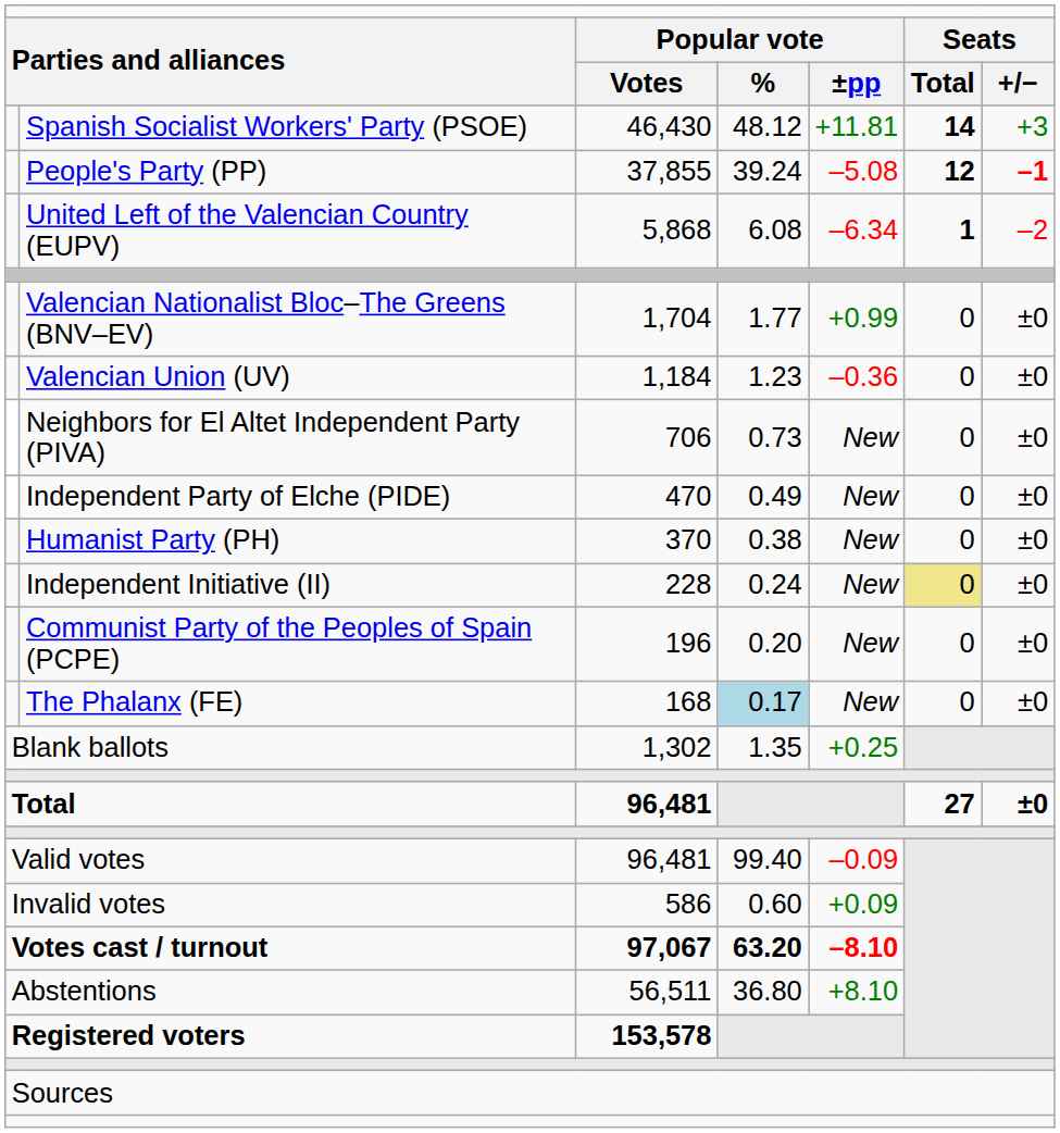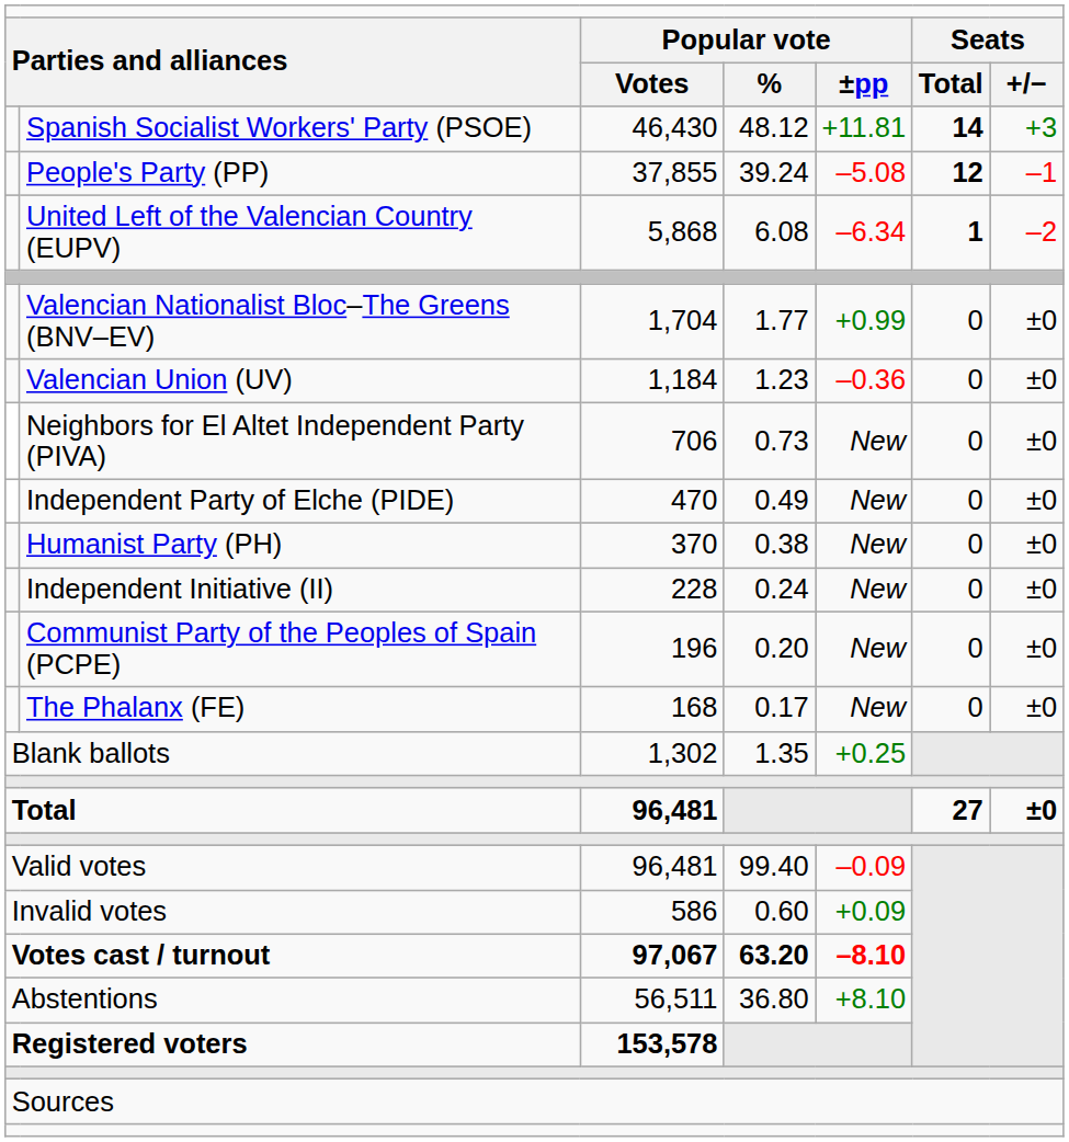 <table class="wikitable" style="text-align:right;">
 <tr>
 <td colspan="7"></td>
 </tr>
 <tr>
 <th style="text-align:left;" rowspan="2" colspan="2" width="525">Parties and alliances</th>
 <th colspan="3">Popular vote</th>
 <th colspan="2">Seats</th>
 </tr>
 <tr>
 <th width="75">Votes</th>
 <th width="45">%</th>
 <th width="45">±<a href='#'>pp</a></th>
 <th width="35">Total</th>
 <th width="35">+/−</th>
 </tr>
 <tr>
 <td width="1" style="color:inherit;background:"></td>
 <td align="left"><a href='#'>Spanish Socialist Workers' Party</a> (PSOE)</td>
 <td>46,430</td>
 <td>48.12</td>
 <td style="color:green;">+11.81</td>
 <td><strong>14</strong></td>
 <td style="color:green;">+3</td>
 </tr>
 <tr>
 <td style="color:inherit;background:"></td>
 <td align="left"><a href='#'>People's Party</a> (PP)</td>
 <td>37,855</td>
 <td>39.24</td>
 <td style="color:red;">–5.08</td>
 <td><strong>12</strong></td>
-<td style="color:red;"><strong>–1</strong></td>
+<td style="color:red;">–1</td>
 </tr>
 <tr>
 <td style="color:inherit;background:"></td>
 <td align="left"><a href='#'>United Left of the Valencian Country</a> (EUPV)</td>
 <td>5,868</td>
 <td>6.08</td>
 <td style="color:red;">–6.34</td>
 <td><strong>1</strong></td>
 <td style="color:red;">–2</td>
 </tr>
 <tr>
 <td colspan="7" bgcolor="#C0C0C0"></td>
 </tr>
 <tr>
 <td style="color:inherit;background:"></td>
 <td align="left"><a href='#'>Valencian Nationalist Bloc</a>–<a href='#'>The Greens</a> (BNV–EV)</td>
 <td>1,704</td>
 <td>1.77</td>
 <td style="color:green;">+0.99</td>
 <td>0</td>
 <td>±0</td>
 </tr>
 <tr>
 <td style="color:inherit;background:"></td>
 <td align="left"><a href='#'>Valencian Union</a> (UV)</td>
 <td>1,184</td>
 <td>1.23</td>
 <td style="color:red;">–0.36</td>
 <td>0</td>
 <td>±0</td>
 </tr>
 <tr>
 <td bgcolor="white"></td>
 <td align="left">Neighbors for El Altet Independent Party (PIVA)</td>
 <td>706</td>
 <td>0.73</td>
 <td><em>New</em></td>
 <td>0</td>
 <td>±0</td>
 </tr>
 <tr>
 <td bgcolor="white"></td>
 <td align="left">Independent Party of Elche (PIDE)</td>
 <td>470</td>
 <td>0.49</td>
 <td><em>New</em></td>
 <td>0</td>
 <td>±0</td>
 </tr>
 <tr>
 <td style="color:inherit;background:"></td>
 <td align="left"><a href='#'>Humanist Party</a> (PH)</td>
 <td>370</td>
 <td>0.38</td>
 <td><em>New</em></td>
 <td>0</td>
 <td>±0</td>
 </tr>
 <tr>
 <td style="color:inherit;background:"></td>
 <td align="left">Independent Initiative (II)</td>
 <td>228</td>
 <td>0.24</td>
 <td><em>New</em></td>
-<td style="background: khaki;">0</td>
+<td>0</td>
 <td>±0</td>
 </tr>
 <tr>
 <td style="color:inherit;background:"></td>
 <td align="left"><a href='#'>Communist Party of the Peoples of Spain</a> (PCPE)</td>
 <td>196</td>
 <td>0.20</td>
 <td><em>New</em></td>
 <td>0</td>
 <td>±0</td>
 </tr>
 <tr>
 <td style="color:inherit;background:"></td>
 <td align="left"><a href='#'>The Phalanx</a> (FE)</td>
 <td>168</td>
-<td style="background: lightblue;">0.17</td>
+<td>0.17</td>
 <td><em>New</em></td>
 <td>0</td>
 <td>±0</td>
 </tr>
 <tr>
 <td align="left" colspan="2">Blank ballots</td>
 <td>1,302</td>
 <td>1.35</td>
 <td style="color:green;">+0.25</td>
 <td bgcolor="#E9E9E9" colspan="2"></td>
 </tr>
 <tr>
 <td colspan="7" bgcolor="#E9E9E9"></td>
 </tr>
 <tr style="font-weight:bold;">
 <td align="left" colspan="2">Total</td>
 <td>96,481</td>
 <td bgcolor="#E9E9E9" colspan="2"></td>
 <td>27</td>
 <td>±0</td>
 </tr>
 <tr>
 <td colspan="7" bgcolor="#E9E9E9"></td>
 </tr>
 <tr>
 <td align="left" colspan="2">Valid votes</td>
 <td>96,481</td>
 <td>99.40</td>
 <td style="color:red;">–0.09</td>
 <td bgcolor="#E9E9E9" colspan="2" rowspan="5"></td>
 </tr>
 <tr>
 <td align="left" colspan="2">Invalid votes</td>
 <td>586</td>
 <td>0.60</td>
 <td style="color:green;">+0.09</td>
 </tr>
 <tr style="font-weight:bold;">
 <td align="left" colspan="2">Votes cast / turnout</td>
 <td>97,067</td>
 <td>63.20</td>
 <td style="color:red;">–8.10</td>
 </tr>
 <tr>
 <td align="left" colspan="2">Abstentions</td>
 <td>56,511</td>
 <td>36.80</td>
 <td style="color:green;">+8.10</td>
 </tr>
 <tr style="font-weight:bold;">
 <td align="left" colspan="2">Registered voters</td>
 <td>153,578</td>
 <td bgcolor="#E9E9E9" colspan="2"></td>
 </tr>
 <tr>
 <td colspan="7" bgcolor="#E9E9E9"></td>
 </tr>
 <tr>
 <td align="left" colspan="7">Sources</td>
 </tr>
 <tr>
 <td colspan="7" style="text-align:left; max-width:790px;"></td>
 </tr>
 </table>
